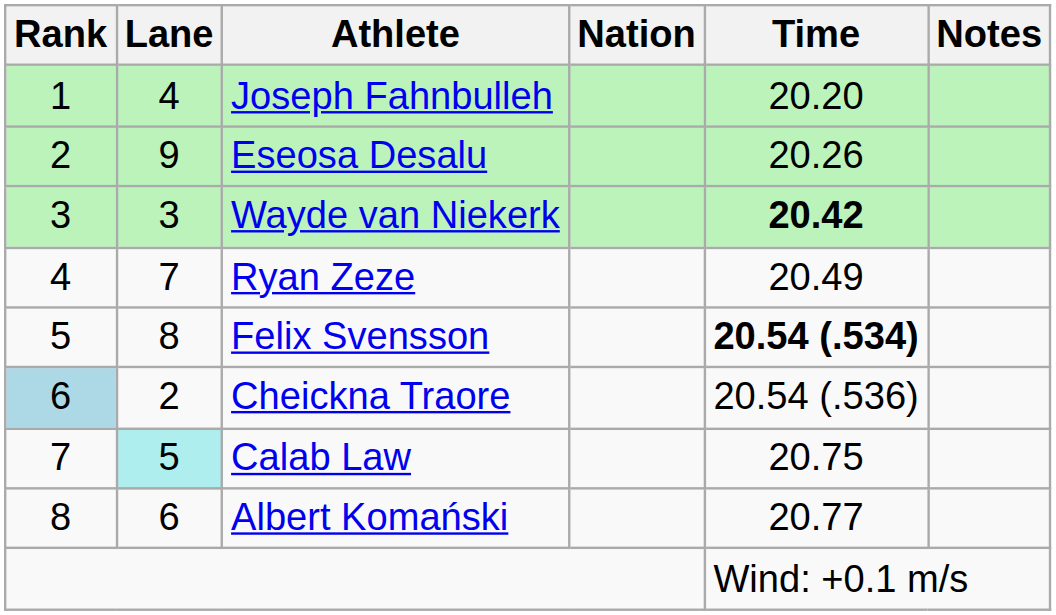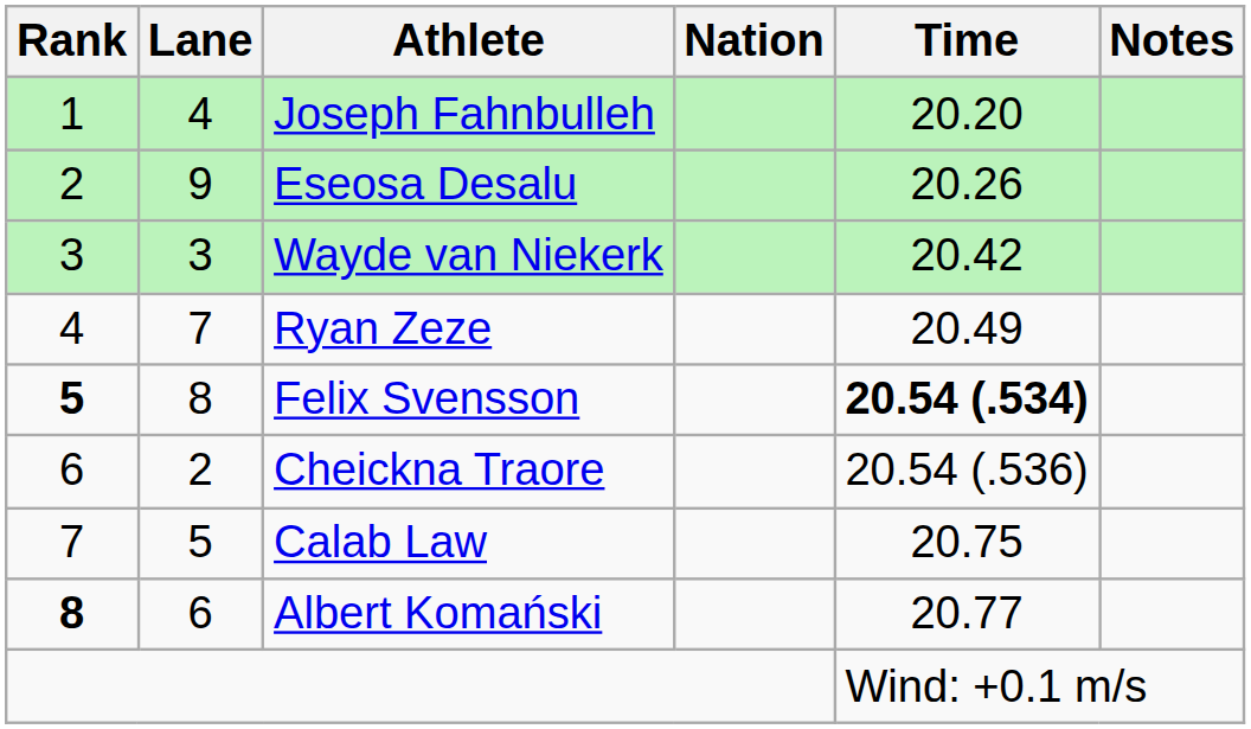 <table class="wikitable sortable" style="text-align:center;">
 <tr>
 <th>Rank</th>
 <th>Lane</th>
 <th>Athlete</th>
 <th>Nation</th>
 <th>Time</th>
 <th>Notes</th>
 </tr>
 <tr bgcolor=bbf3bb>
 <td>1</td>
 <td>4</td>
 <td align=left><a href='#'>Joseph Fahnbulleh</a></td>
 <td align=left></td>
 <td>20.20</td>
 <td></td>
 </tr>
 <tr bgcolor=bbf3bb>
 <td>2</td>
 <td>9</td>
 <td align=left><a href='#'>Eseosa Desalu</a></td>
 <td align=left></td>
 <td>20.26</td>
 <td></td>
 </tr>
 <tr bgcolor=bbf3bb>
 <td>3</td>
 <td>3</td>
 <td align=left><a href='#'>Wayde van Niekerk</a></td>
 <td align=left></td>
-<td><strong>20.42</strong></td>
+<td>20.42</td>
 <td></td>
 </tr>
 <tr>
 <td>4</td>
 <td>7</td>
 <td align=left><a href='#'>Ryan Zeze</a></td>
 <td align=left></td>
 <td>20.49</td>
 <td></td>
 </tr>
 <tr>
-<td>5</td>
+<td><strong>5</strong></td>
 <td>8</td>
 <td align=left><a href='#'>Felix Svensson</a></td>
 <td align=left></td>
 <td><strong>20.54 (.534)</strong></td>
 <td></td>
 </tr>
 <tr>
-<td style="background: lightblue;">6</td>
+<td>6</td>
 <td>2</td>
 <td align=left><a href='#'>Cheickna Traore</a></td>
 <td align=left></td>
 <td>20.54 (.536)</td>
 <td></td>
 </tr>
 <tr>
 <td>7</td>
-<td style="background: paleturquoise;">5</td>
+<td>5</td>
 <td align=left><a href='#'>Calab Law</a></td>
 <td align=left></td>
 <td>20.75</td>
 <td></td>
 </tr>
 <tr>
-<td>8</td>
+<td><strong>8</strong></td>
 <td>6</td>
 <td align=left><a href='#'>Albert Komański</a></td>
 <td align=left></td>
 <td>20.77</td>
 <td></td>
 </tr>
 <tr class="sortbottom">
 <td colspan="4"></td>
 <td colspan="2" style="text-align:left;">Wind: +0.1 m/s</td>
 </tr>
 </table>
